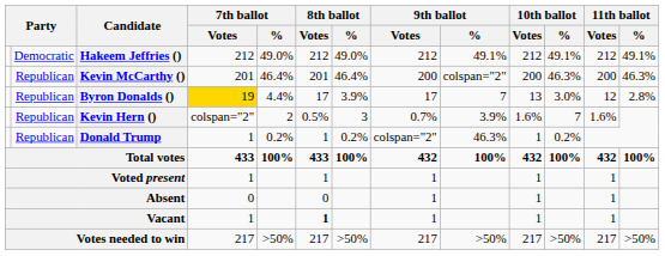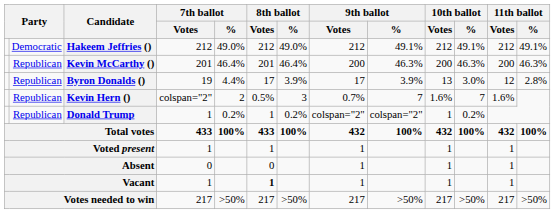 <table class="wikitable plainrowheaders" style="text-align: right;">
 <tr>
 <th colspan="2" rowspan="2" scope="col">Party</th>
 <th rowspan="2" scope="col">Candidate</th>
 <th colspan="2" scope="col">7th ballot</th>
 <th colspan="2" scope="col">8th ballot</th>
 <th colspan="2" scope="col">9th ballot</th>
 <th colspan="2" scope="col">10th ballot</th>
 <th colspan="2" scope="col">11th ballot</th>
 </tr>
 <tr>
 <th scope="col">Votes</th>
 <th scope="col">%</th>
 <th scope="col">Votes</th>
 <th scope="col">%</th>
 <th scope="col">Votes</th>
 <th scope="col">%</th>
 <th scope="col">Votes</th>
 <th scope="col">%</th>
 <th scope="col">Votes</th>
 <th scope="col">%</th>
 </tr>
 <tr>
 <td style="background-color:"></td>
 <td><a href='#'>Democratic</a></td>
 <th scope="row" style="text-align: left;"><a href='#'>Hakeem Jeffries</a> ()</th>
 <td>212</td>
 <td>49.0%</td>
 <td>212</td>
 <td>49.0%</td>
 <td>212</td>
 <td>49.1%</td>
 <td>212</td>
 <td>49.1%</td>
 <td>212</td>
 <td>49.1%</td>
 </tr>
 <tr>
 <td style="background-color:"></td>
 <td><a href='#'>Republican</a></td>
 <th scope="row" style="text-align: left;"><a href='#'>Kevin McCarthy</a> ()</th>
 <td>201</td>
 <td>46.4%</td>
 <td>201</td>
 <td>46.4%</td>
 <td>200</td>
-<td>colspan="2" </td>
+<td>46.3%</td>
 <td>200</td>
 <td>46.3%</td>
 <td>200</td>
 <td>46.3%</td>
 </tr>
 <tr>
 <td style="background-color:"></td>
 <td><a href='#'>Republican</a></td>
 <th scope="row" style="text-align: left;"><a href='#'>Byron Donalds</a> ()</th>
-<td style="background: gold;">19</td>
+<td>19</td>
 <td>4.4%</td>
 <td>17</td>
 <td>3.9%</td>
 <td>17</td>
-<td>7</td>
+<td>3.9%</td>
 <td>13</td>
 <td>3.0%</td>
 <td>12</td>
 <td>2.8%</td>
 </tr>
 <tr>
 <td style="background-color:"></td>
 <td><a href='#'>Republican</a></td>
 <th scope="row" style="text-align: left;"><a href='#'>Kevin Hern</a> ()</th>
 <td>colspan="2" </td>
 <td>2</td>
 <td>0.5%</td>
 <td>3</td>
 <td>0.7%</td>
-<td>3.9%</td>
+<td>7</td>
 <td>1.6%</td>
 <td>7</td>
 <td>1.6%</td>
 </tr>
 <tr>
 <td style="background-color:"></td>
 <td><a href='#'>Republican</a></td>
 <th scope="row" style="text-align: left;"><a href='#'>Donald Trump</a></th>
 <td>1</td>
 <td>0.2%</td>
 <td>1</td>
 <td>0.2%</td>
 <td>colspan="2" </td>
-<td>46.3%</td>
+<td>colspan="2" </td>
 <td>1</td>
 <td>0.2%</td>
 </tr>
 <tr>
 <th colspan="3" scope="row" style="text-align: right;">Total votes</th>
 <td><strong>433</strong></td>
 <td><strong>100%</strong></td>
 <td><strong>433</strong></td>
 <td><strong>100%</strong></td>
 <td><strong>432</strong></td>
 <td><strong>100%</strong></td>
 <td><strong>432</strong></td>
 <td><strong>100%</strong></td>
 <td><strong>432</strong></td>
 <td><strong>100%</strong></td>
 </tr>
 <tr>
 <th colspan="3" scope="row" style="text-align: right;">Voted <em>present</em></th>
 <td>1</td>
 <td></td>
 <td>1</td>
 <td></td>
 <td>1</td>
 <td></td>
 <td>1</td>
 <td></td>
 <td>1</td>
 <td></td>
 </tr>
 <tr>
 <th colspan="3" scope="row" style="text-align: right;">Absent</th>
 <td>0</td>
 <td></td>
 <td>0</td>
 <td></td>
 <td>1</td>
 <td></td>
 <td>1</td>
 <td></td>
 <td>1</td>
 <td></td>
 </tr>
 <tr>
 <th colspan="3" scope="row" style="text-align: right;">Vacant</th>
 <td>1</td>
 <td></td>
 <td><strong>1</strong></td>
 <td></td>
 <td>1</td>
 <td></td>
 <td>1</td>
 <td></td>
 <td>1</td>
 <td></td>
 </tr>
 <tr>
 <th colspan="3" scope="row" style="text-align: right;">Votes needed to win</th>
 <td>217</td>
 <td>>50%</td>
 <td>217</td>
 <td>>50%</td>
 <td>217</td>
 <td>>50%</td>
 <td>217</td>
 <td>>50%</td>
 <td>217</td>
 <td>>50%</td>
 </tr>
 </table>
